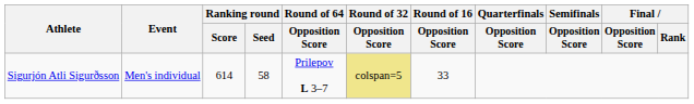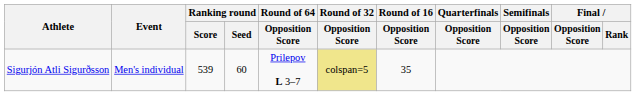 <table class="wikitable" style="font-size:90%">
 <tr>
 <th rowspan=2>Athlete</th>
 <th rowspan=2>Event</th>
 <th colspan=2>Ranking round</th>
 <th>Round of 64</th>
 <th>Round of 32</th>
 <th>Round of 16</th>
 <th>Quarterfinals</th>
 <th>Semifinals</th>
 <th colspan=2>Final / </th>
 </tr>
 <tr style="font-size:95%">
 <th>Score</th>
 <th>Seed</th>
 <th>Opposition<br>Score</th>
 <th>Opposition<br>Score</th>
 <th>Opposition<br>Score</th>
 <th>Opposition<br>Score</th>
 <th>Opposition<br>Score</th>
 <th>Opposition<br>Score</th>
 <th>Rank</th>
 </tr>
 <tr align=center>
 <td align=left><a href='#'>Sigurjón Atli Sigurðsson</a></td>
 <td align=left><a href='#'>Men's individual</a></td>
-<td>614</td>
-<td>58</td>
+<td>539</td>
+<td>60</td>
 <td><a href='#'>Prilepov</a><br><br><strong>L</strong> 3–7</td>
 <td style="background: khaki;">colspan=5 </td>
-<td>33</td>
+<td>35</td>
 </tr>
 </table>
